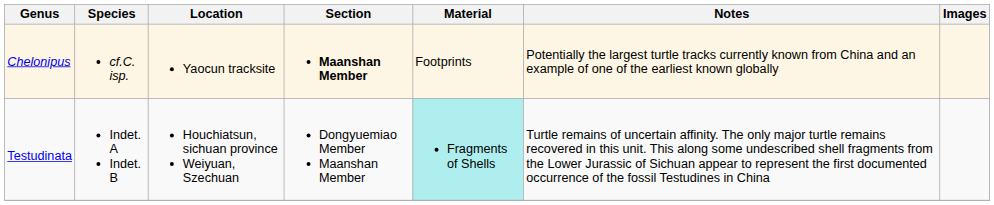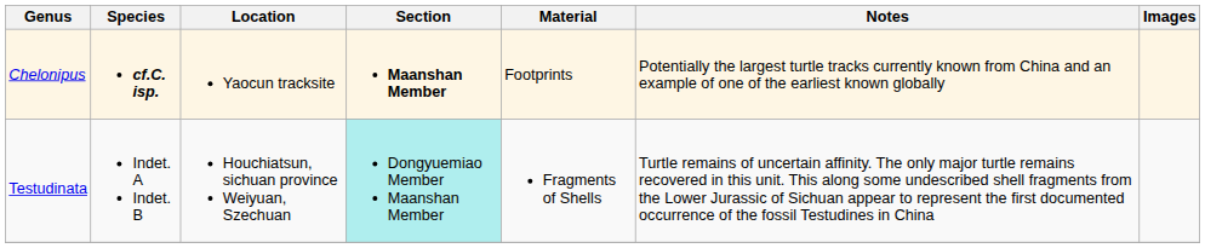 <table class="wikitable" align="center">
 <tr>
 <th>Genus</th>
 <th>Species</th>
 <th>Location</th>
 <th>Section</th>
 <th>Material</th>
 <th>Notes</th>
 <th>Images</th>
 </tr>
 <tr>
 <td style="background:#FEF6E4;"><em><a href='#'>Chelonipus</a></em></td>
-<td style="background:#FEF6E4;"><br><ul><li><em>cf.C. isp.</em></li></ul></td>
+<td style="background:#FEF6E4;"><strong><br><ul><li><em>cf.C. isp.</em></li></ul></strong></td>
 <td style="background:#FEF6E4;"><br><ul><li>Yaocun tracksite</li></ul></td>
 <td style="background:#FEF6E4;"><strong><br><ul><li>Maanshan Member</li></ul></strong></td>
 <td style="background:#FEF6E4;">Footprints</td>
 <td style="background:#FEF6E4;">Potentially the largest turtle tracks currently known from China and an example of one of the earliest known globally</td>
 <td style="background:#FEF6E4;"></td>
 </tr>
 <tr>
 <td><br><a href='#'>Testudinata</a></td>
 <td><br><ul><li>Indet. A</li><li>Indet. B</li></ul></td>
 <td><br><ul><li>Houchiatsun, sichuan province</li><li>Weiyuan, Szechuan</li></ul></td>
-<td><br><ul><li>Dongyuemiao Member</li><li>Maanshan Member</li></ul></td>
-<td style="background: paleturquoise;"><br><ul><li>Fragments of Shells</li></ul></td>
+<td style="background: paleturquoise;"><br><ul><li>Dongyuemiao Member</li><li>Maanshan Member</li></ul></td>
+<td><br><ul><li>Fragments of Shells</li></ul></td>
 <td><br>Turtle remains of uncertain affinity. The only major turtle remains recovered in this unit. This along some undescribed shell fragments from the Lower Jurassic of Sichuan appear to represent the first documented occurrence of the fossil Testudines in China</td>
 <td></td>
 </tr>
 <tr>
 </tr>
 </table>
